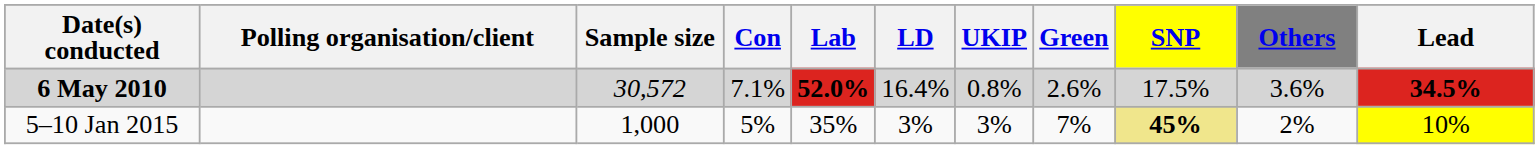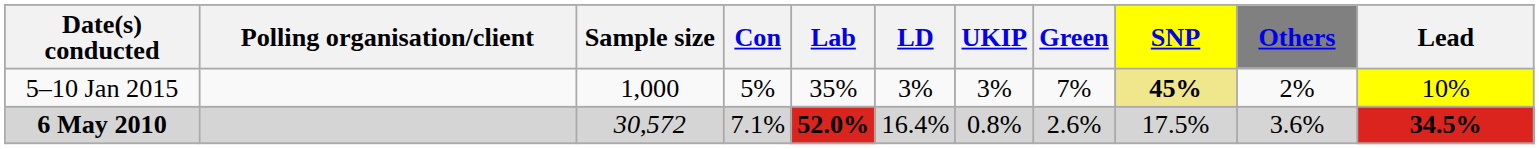 <table class="wikitable sortable" style="text-align:center;font-size:90%;line-height:14px">
 <tr>
 <th ! style="width:100px;">Date(s)<br>conducted</th>
 <th style="width:200px;">Polling organisation/client</th>
 <th class="unsortable" style="width:75px;">Sample size</th>
 <th class="unsortable" style="background:"><a href='#'><span>Con</span></a></th>
 <th class="unsortable" style="background:"><a href='#'><span>Lab</span></a></th>
 <th class="unsortable" style="background:"><a href='#'><span>LD</span></a></th>
 <th class="unsortable" style="background:"><a href='#'><span>UKIP</span></a></th>
 <th class="unsortable" style="background:"><a href='#'><span>Green</span></a></th>
 <th class="unsortable" style="background:#ffff00; width:60px;"><a href='#'><span>SNP</span></a></th>
 <th class="unsortable" style="background:gray; width:60px;"><a href='#'><span>Others</span></a></th>
 <th class="unsortable" style="width:90px;">Lead</th>
 </tr>
 <tr>
+<td>5–10 Jan 2015</td>
+<td> </td>
+<td>1,000</td>
+<td>5%</td>
+<td>35%</td>
+<td>3%</td>
+<td>3%</td>
+<td>7%</td>
+<td style="background:khaki"><strong>45%</strong></td>
+<td>2%</td>
+<td style="background:#ff0"><span>10% </span></td>
+</tr>
+<tr>
 <td style="background:#D5D5D5"><strong>6 May 2010</strong></td>
 <td style="background:#D5D5D5"></td>
 <td style="background:#D5D5D5"><em>30,572</em></td>
 <td style="background:#D5D5D5">7.1%</td>
 <td style="background:#dc241f"><span><strong>52.0%</strong></span></td>
 <td style="background:#D5D5D5">16.4%</td>
 <td style="background:#D5D5D5">0.8%</td>
 <td style="background:#D5D5D5">2.6%</td>
 <td style="background:#D5D5D5">17.5%</td>
 <td style="background:#D5D5D5">3.6%</td>
 <td style="background:#dc241f"><span><strong>34.5% </strong></span></td>
 </tr>
-<tr>
-<td>5–10 Jan 2015</td>
-<td> </td>
-<td>1,000</td>
-<td>5%</td>
-<td>35%</td>
-<td>3%</td>
-<td>3%</td>
-<td>7%</td>
-<td style="background:khaki"><strong>45%</strong></td>
-<td>2%</td>
-<td style="background:#ff0"><span>10% </span></td>
-</tr>
 </table>
